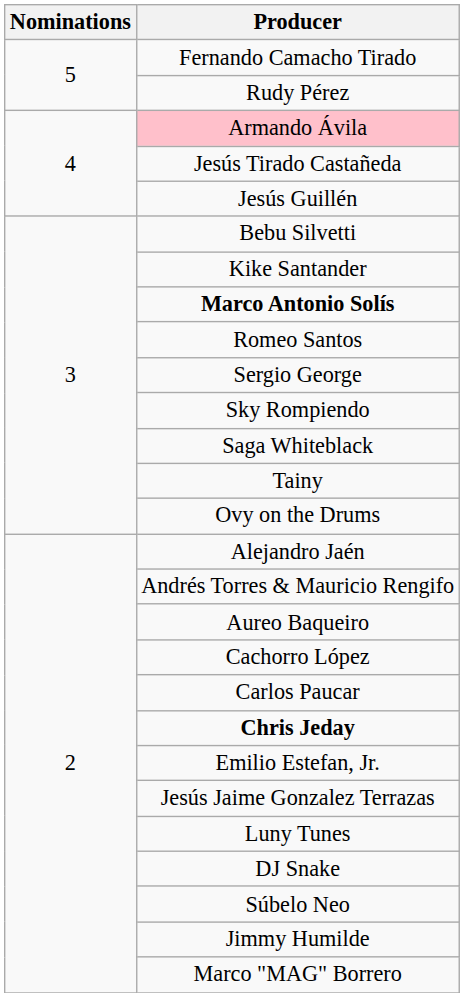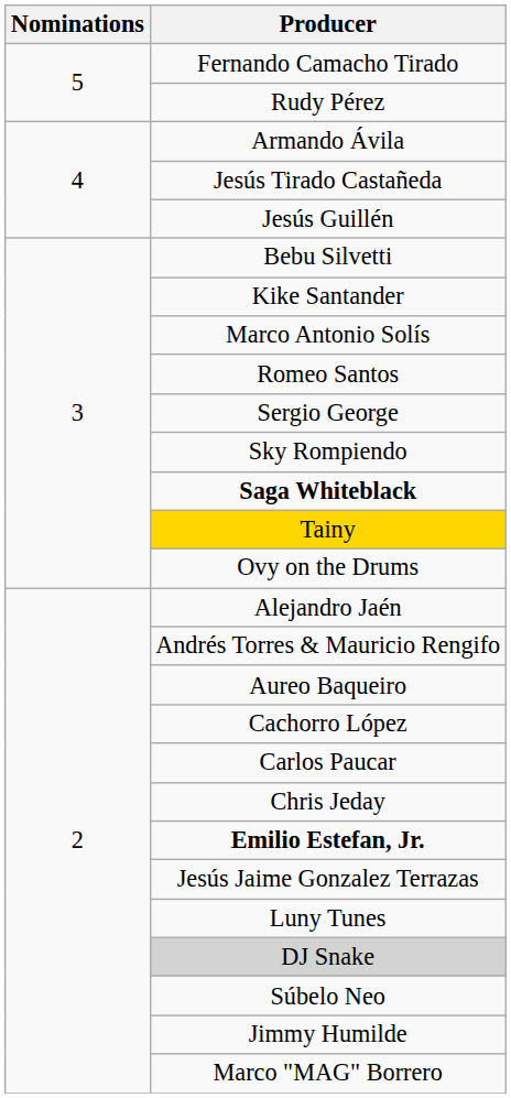 <table class="wikitable" rowspan="2" style="text-align:center;">
 <tr>
 <th scope="col">Nominations</th>
 <th scope="col">Producer</th>
 </tr>
 <tr>
 <td rowspan="2">5</td>
 <td>Fernando Camacho Tirado</td>
 </tr>
 <tr>
 <td>Rudy Pérez</td>
 </tr>
 <tr>
 <td rowspan="3">4</td>
-<td style="background: pink;">Armando Ávila</td>
+<td>Armando Ávila</td>
 </tr>
 <tr>
 <td>Jesús Tirado Castañeda</td>
 </tr>
 <tr>
 <td>Jesús Guillén</td>
 </tr>
 <tr>
 <td rowspan="9">3</td>
 <td>Bebu Silvetti</td>
 </tr>
 <tr>
 <td>Kike Santander</td>
 </tr>
 <tr>
-<td><strong>Marco Antonio Solís</strong></td>
+<td>Marco Antonio Solís</td>
 </tr>
 <tr>
 <td>Romeo Santos</td>
 </tr>
 <tr>
 <td>Sergio George</td>
 </tr>
 <tr>
 <td>Sky Rompiendo</td>
 </tr>
 <tr>
-<td>Saga Whiteblack</td>
+<td><strong>Saga Whiteblack</strong></td>
 </tr>
 <tr>
-<td>Tainy</td>
+<td style="background: gold;">Tainy</td>
 </tr>
 <tr>
 <td>Ovy on the Drums</td>
 </tr>
 <tr>
 <td rowspan="13">2</td>
 <td>Alejandro Jaén</td>
 </tr>
 <tr>
 <td>Andrés Torres & Mauricio Rengifo</td>
 </tr>
 <tr>
 <td>Aureo Baqueiro</td>
 </tr>
 <tr>
 <td>Cachorro López</td>
 </tr>
 <tr>
 <td>Carlos Paucar</td>
 </tr>
 <tr>
-<td><strong>Chris Jeday</strong></td>
+<td>Chris Jeday</td>
 </tr>
 <tr>
-<td>Emilio Estefan, Jr.</td>
+<td><strong>Emilio Estefan, Jr.</strong></td>
 </tr>
 <tr>
 <td>Jesús Jaime Gonzalez Terrazas</td>
 </tr>
 <tr>
 <td>Luny Tunes</td>
 </tr>
 <tr>
-<td>DJ Snake</td>
+<td style="background: lightgrey;">DJ Snake</td>
 </tr>
 <tr>
 <td>Súbelo Neo</td>
 </tr>
 <tr>
 <td>Jimmy Humilde</td>
 </tr>
 <tr>
 <td>Marco "MAG" Borrero</td>
 </tr>
 </table>
